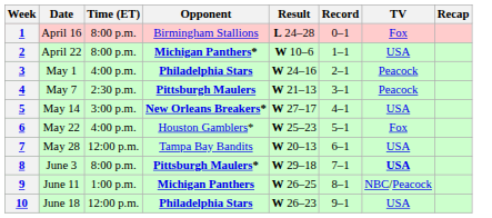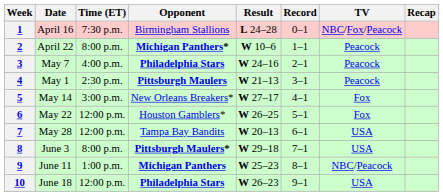 <table class="wikitable" style="text-align:center">
 <tr>
 <th>Week</th>
 <th>Date</th>
 <th>Time (ET)</th>
 <th>Opponent</th>
 <th>Result</th>
 <th>Record</th>
 <th>TV</th>
 <th>Recap</th>
 </tr>
 <tr style="background:#ffcccc">
 <th><a href='#'>1</a></th>
 <td>April 16</td>
-<td>8:00 p.m.</td>
+<td>7:30 p.m.</td>
 <td><a href='#'>Birmingham Stallions</a></td>
 <td><strong>L</strong> 24–28</td>
 <td>0–1</td>
-<td><a href='#'>Fox</a></td>
+<td><a href='#'>NBC</a>/<a href='#'>Fox</a>/<a href='#'>Peacock</a></td>
 <td></td>
 </tr>
 <tr style="background:#ccffcc">
 <th><a href='#'>2</a></th>
 <td>April 22</td>
 <td>8:00 p.m.</td>
 <td><strong><a href='#'>Michigan Panthers</a>*</strong></td>
 <td><strong>W</strong> 10–6</td>
 <td>1–1</td>
-<td><a href='#'>USA</a></td>
+<td><a href='#'>Peacock</a></td>
 <td></td>
 </tr>
 <tr style="background:#ccffcc">
 <th><a href='#'>3</a></th>
-<td>May 1</td>
+<td>May 7</td>
 <td>4:00 p.m.</td>
 <td><strong><a href='#'>Philadelphia Stars</a></strong></td>
 <td><strong>W</strong> 24–16</td>
 <td>2–1</td>
 <td><a href='#'>Peacock</a></td>
 <td></td>
 </tr>
 <tr style="background:#ccffcc">
 <th><a href='#'>4</a></th>
-<td>May 7</td>
+<td>May 1</td>
 <td>2:30 p.m.</td>
 <td><strong><a href='#'>Pittsburgh Maulers</a></strong></td>
 <td><strong>W</strong> 21–13</td>
 <td>3–1</td>
 <td><a href='#'>Peacock</a></td>
 <td></td>
 </tr>
 <tr style="background:#ccffcc">
 <th><a href='#'>5</a></th>
 <td>May 14</td>
 <td>3:00 p.m.</td>
-<td><strong><a href='#'>New Orleans Breakers</a>*</strong></td>
+<td><a href='#'>New Orleans Breakers</a>*</td>
 <td><strong>W</strong> 27–17</td>
 <td>4–1</td>
-<td><a href='#'>USA</a></td>
+<td><a href='#'>Fox</a></td>
 <td></td>
 </tr>
 <tr style="background:#ccffcc">
 <th><a href='#'>6</a></th>
 <td>May 22</td>
-<td>4:00 p.m.</td>
+<td>12:00 p.m.</td>
 <td><a href='#'>Houston Gamblers</a>*</td>
-<td><strong>W</strong> 25–23</td>
+<td><strong>W</strong> 26–25</td>
 <td>5–1</td>
 <td><a href='#'>Fox</a></td>
 <td></td>
 </tr>
 <tr style="background:#ccffcc">
 <th><a href='#'>7</a></th>
 <td>May 28</td>
 <td>12:00 p.m.</td>
 <td><a href='#'>Tampa Bay Bandits</a></td>
 <td><strong>W</strong> 20–13</td>
 <td>6–1</td>
 <td><a href='#'>USA</a></td>
 <td></td>
 </tr>
 <tr style="background:#ccffcc">
 <th><a href='#'>8</a></th>
 <td>June 3</td>
 <td>8:00 p.m.</td>
 <td><strong><a href='#'>Pittsburgh Maulers</a>*</strong></td>
 <td><strong>W</strong> 29–18</td>
 <td>7–1</td>
-<td><strong><a href='#'>USA</a></strong></td>
+<td><a href='#'>USA</a></td>
 <td></td>
 </tr>
 <tr style="background:#ccffcc">
 <th><a href='#'>9</a></th>
 <td>June 11</td>
 <td>1:00 p.m.</td>
 <td><strong><a href='#'>Michigan Panthers</a></strong></td>
-<td><strong>W</strong> 26–25</td>
+<td><strong>W</strong> 25–23</td>
 <td>8–1</td>
 <td><a href='#'>NBC</a>/<a href='#'>Peacock</a></td>
 <td></td>
 </tr>
 <tr style="background:#ccffcc">
 <th><a href='#'>10</a></th>
 <td>June 18</td>
 <td>12:00 p.m.</td>
 <td><strong><a href='#'>Philadelphia Stars</a></strong></td>
 <td><strong>W</strong> 26–23</td>
 <td>9–1</td>
 <td><a href='#'>USA</a></td>
 <td></td>
 </tr>
 </table>
